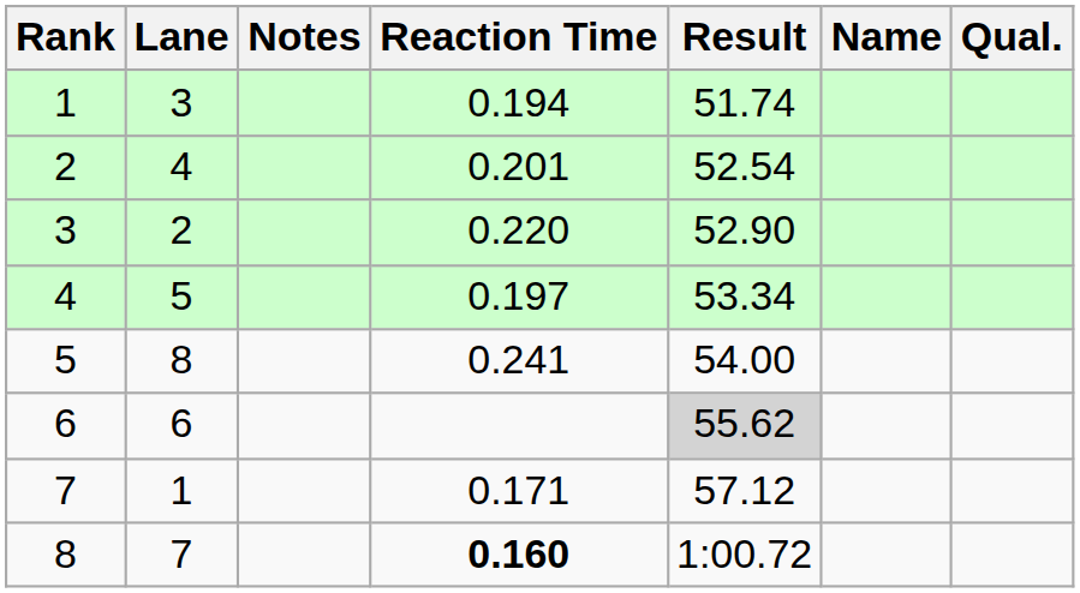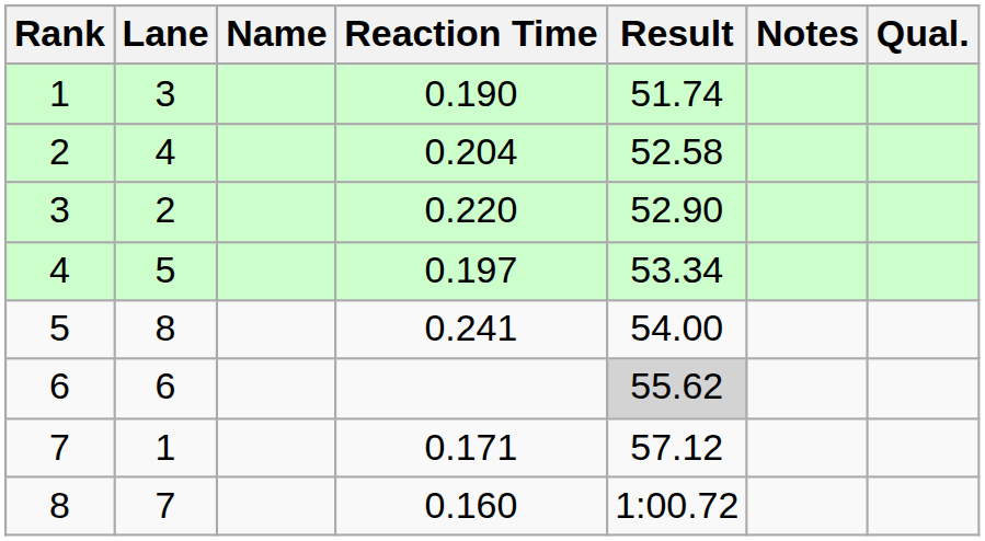 <table class="wikitable sortable" style="text-align:center">
 <tr>
 <th>Rank</th>
 <th>Lane</th>
-<th>Notes</th>
+<th>Name</th>
 <th>Reaction Time</th>
 <th>Result</th>
-<th>Name</th>
+<th>Notes</th>
 <th>Qual.</th>
 </tr>
 <tr bgcolor=ccffcc>
 <td>1</td>
 <td>3</td>
+<td align="left"></td>
+<td>0.190</td>
+<td>51.74</td>
 <td></td>
-<td>0.194</td>
-<td>51.74</td>
-<td align="left"></td>
 <td></td>
 </tr>
 <tr bgcolor=ccffcc>
 <td>2</td>
 <td>4</td>
+<td align="left"></td>
+<td>0.204</td>
+<td>52.58</td>
 <td></td>
-<td>0.201</td>
-<td>52.54</td>
-<td align="left"></td>
 <td></td>
 </tr>
 <tr bgcolor=ccffcc>
 <td>3</td>
 <td>2</td>
-<td></td>
+<td align="left"></td>
 <td>0.220</td>
 <td>52.90</td>
-<td align="left"></td>
+<td></td>
 <td></td>
 </tr>
 <tr bgcolor=ccffcc>
 <td>4</td>
 <td>5</td>
-<td></td>
+<td align="left"></td>
 <td>0.197</td>
 <td>53.34</td>
-<td align="left"></td>
+<td></td>
 <td></td>
 </tr>
 <tr>
 <td>5</td>
 <td>8</td>
-<td></td>
+<td align="left"></td>
 <td>0.241</td>
 <td>54.00</td>
-<td align="left"></td>
+<td></td>
 <td></td>
 </tr>
 <tr>
 <td>6</td>
 <td>6</td>
-<td></td>
+<td align="left"></td>
 <td></td>
 <td style="background: lightgrey;">55.62</td>
-<td align="left"></td>
+<td></td>
 <td></td>
 </tr>
 <tr>
 <td>7</td>
 <td>1</td>
-<td></td>
+<td align="left"></td>
 <td>0.171</td>
 <td>57.12</td>
-<td align="left"></td>
+<td></td>
 <td></td>
 </tr>
 <tr>
 <td>8</td>
 <td>7</td>
+<td align="left"></td>
+<td>0.160</td>
+<td>1:00.72</td>
 <td></td>
-<td><strong>0.160</strong></td>
-<td>1:00.72</td>
-<td align="left"></td>
 <td></td>
 </tr>
 </table>
